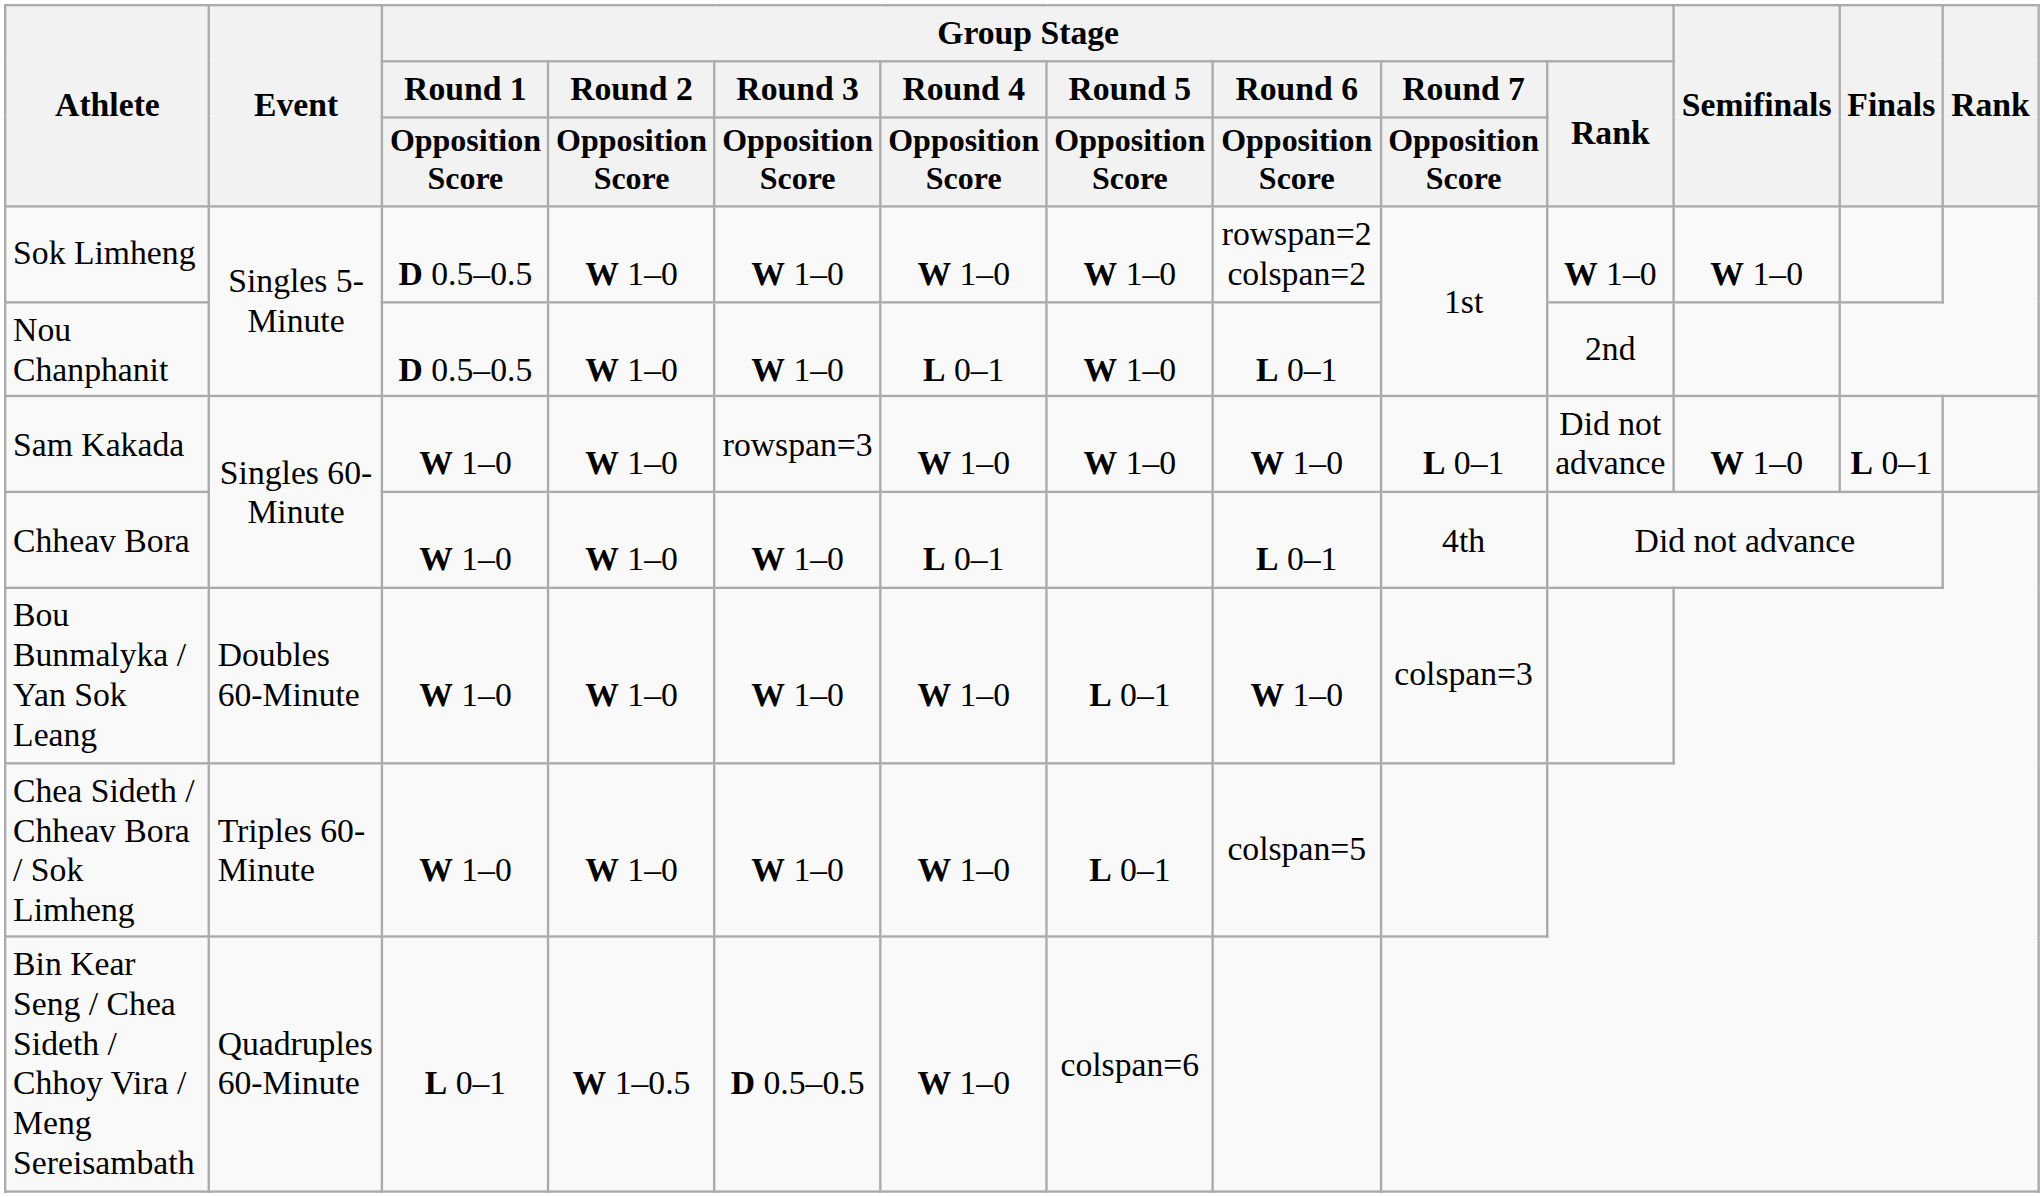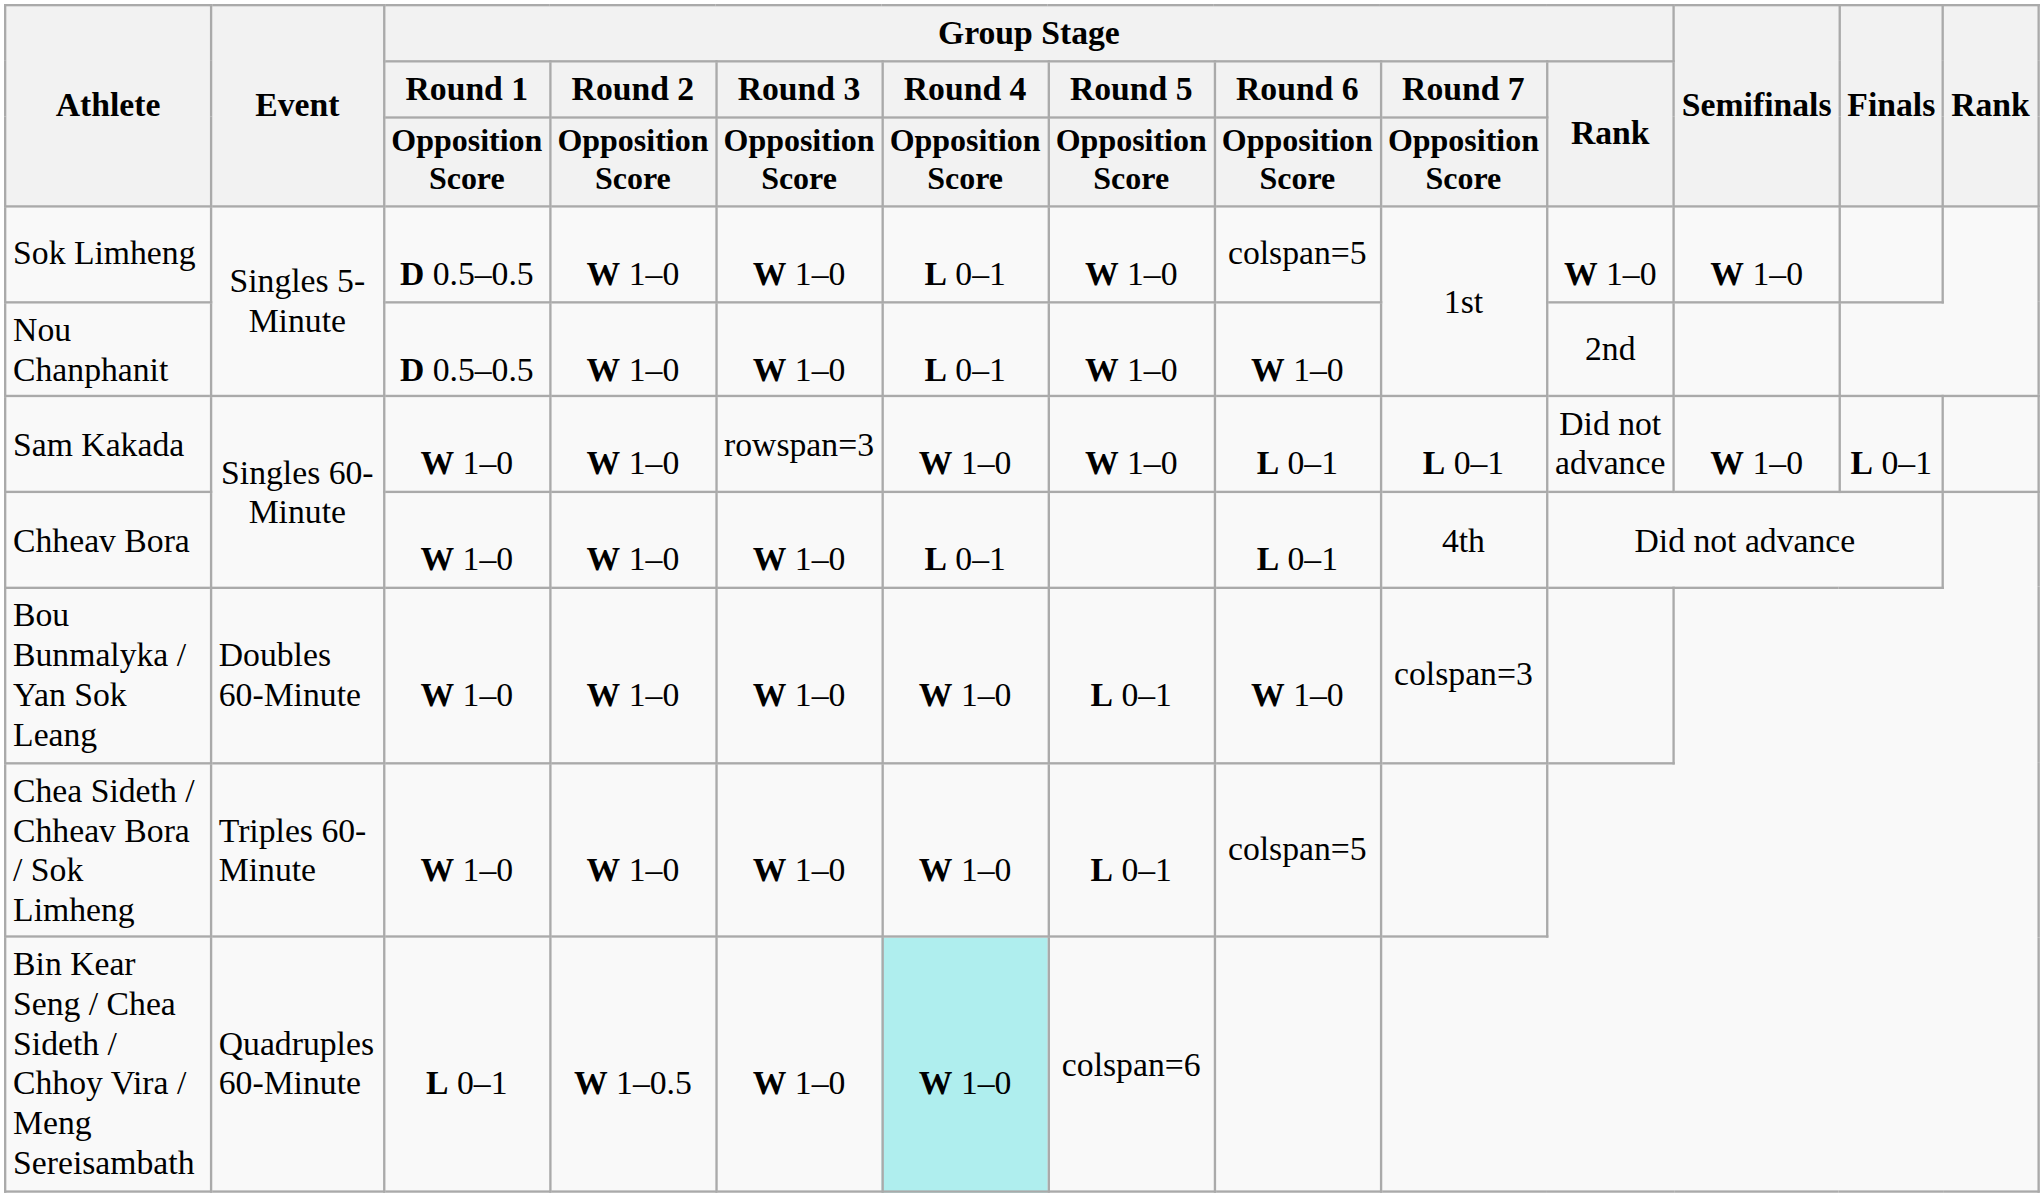 <table class="wikitable" style="font-size:90%">
 <tr>
 <th rowspan="3">Athlete</th>
 <th rowspan="3">Event</th>
 <th colspan="8">Group Stage</th>
 <th rowspan="3">Semifinals</th>
 <th rowspan="3">Finals</th>
 <th rowspan="3">Rank</th>
 </tr>
 <tr>
 <th>Round 1</th>
 <th>Round 2</th>
 <th>Round 3</th>
 <th>Round 4</th>
 <th>Round 5</th>
 <th>Round 6</th>
 <th>Round 7</th>
 <th rowspan="2">Rank</th>
 </tr>
 <tr style="font-size:95%" align="center">
 <th>Opposition<br>Score</th>
 <th>Opposition<br>Score</th>
 <th>Opposition<br>Score</th>
 <th>Opposition<br>Score</th>
 <th>Opposition<br>Score</th>
 <th>Opposition<br>Score</th>
 <th>Opposition<br>Score</th>
 </tr>
 <tr align=center>
 <td align=left>Sok Limheng</td>
 <td rowspan=2>Singles 5-Minute</td>
 <td><br><strong>D</strong> 0.5–0.5</td>
 <td><br><strong>W</strong> 1–0</td>
 <td><br><strong>W</strong> 1–0</td>
+<td><br><strong>L</strong> 0–1</td>
 <td><br><strong>W</strong> 1–0</td>
-<td><br><strong>W</strong> 1–0</td>
-<td>rowspan=2 colspan=2 </td>
+<td>colspan=5 </td>
 <td rowspan=2>1st</td>
 <td><br><strong>W</strong> 1–0</td>
 <td><br><strong>W</strong> 1–0</td>
 <td></td>
 </tr>
 <tr align=center>
 <td align=left>Nou Chanphanit</td>
 <td><br><strong>D</strong> 0.5–0.5</td>
 <td><br><strong>W</strong> 1–0</td>
 <td><br><strong>W</strong> 1–0</td>
 <td><br><strong>L</strong> 0–1</td>
 <td><br><strong>W</strong> 1–0</td>
-<td><br><strong>L</strong> 0–1</td>
+<td><br><strong>W</strong> 1–0</td>
 <td>2nd</td>
 <td></td>
 </tr>
 <tr align=center>
 <td align=left>Sam Kakada</td>
 <td rowspan=2>Singles 60-Minute</td>
 <td><br><strong>W</strong> 1–0</td>
 <td><br><strong>W</strong> 1–0</td>
 <td>rowspan=3 </td>
 <td><br><strong>W</strong> 1–0</td>
 <td><br><strong>W</strong> 1–0</td>
-<td><br><strong>W</strong> 1–0</td>
+<td><br><strong>L</strong> 0–1</td>
 <td><br><strong>L</strong> 0–1</td>
 <td>Did not advance</td>
 <td><br><strong>W</strong> 1–0</td>
 <td><br><strong>L</strong> 0–1</td>
 <td></td>
 </tr>
 <tr align=center>
 <td align=left>Chheav Bora</td>
 <td><br><strong>W</strong> 1–0</td>
 <td><br><strong>W</strong> 1–0</td>
 <td><br><strong>W</strong> 1–0</td>
 <td><br><strong>L</strong> 0–1</td>
 <td></td>
 <td><br><strong>L</strong> 0–1</td>
 <td>4th</td>
 <td colspan=3>Did not advance</td>
 </tr>
 <tr align=center>
 <td align=left>Bou Bunmalyka / Yan Sok Leang</td>
 <td align=left>Doubles 60-Minute</td>
 <td><br><strong>W</strong> 1–0</td>
 <td><br><strong>W</strong> 1–0</td>
 <td><br><strong>W</strong> 1–0</td>
 <td><br><strong>W</strong> 1–0</td>
 <td><br><strong>L</strong> 0–1</td>
 <td><br><strong>W</strong> 1–0</td>
 <td>colspan=3 </td>
 <td></td>
 </tr>
 <tr align=center>
 <td align=left>Chea Sideth / Chheav Bora / Sok Limheng</td>
 <td align=left>Triples 60-Minute</td>
 <td><br><strong>W</strong> 1–0</td>
 <td><br><strong>W</strong> 1–0</td>
 <td><br><strong>W</strong> 1–0</td>
 <td><br><strong>W</strong> 1–0</td>
 <td><br><strong>L</strong> 0–1</td>
 <td>colspan=5 </td>
 <td></td>
 </tr>
 <tr align=center>
 <td align=left>Bin Kear Seng / Chea Sideth / Chhoy Vira / Meng Sereisambath</td>
 <td align=left>Quadruples 60-Minute</td>
 <td><br><strong>L</strong> 0–1</td>
 <td><br><strong>W</strong> 1–0.5</td>
-<td><br><strong>D</strong> 0.5–0.5</td>
 <td><br><strong>W</strong> 1–0</td>
+<td style="background: paleturquoise;"><br><strong>W</strong> 1–0</td>
 <td>colspan=6 </td>
 <td></td>
 </tr>
 </table>
